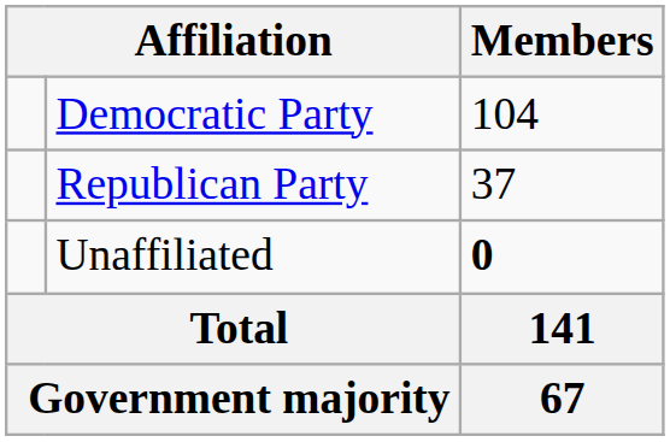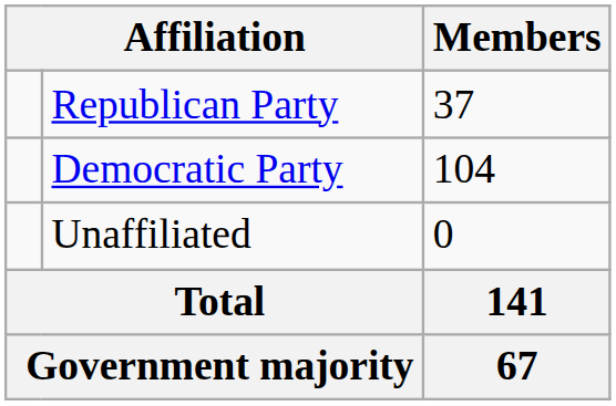 <table class="wikitable">
 <tr>
 <th colspan="2">Affiliation</th>
 <th>Members</th>
 </tr>
 <tr>
 <td style="background-color:"> </td>
+<td><a href='#'>Republican Party</a></td>
+<td>37</td>
+</tr>
+<tr>
+<td style="background-color:"> </td>
 <td><a href='#'>Democratic Party</a></td>
 <td>104</td>
 </tr>
 <tr>
-<td style="background-color:"> </td>
-<td><a href='#'>Republican Party</a></td>
-<td>37</td>
-</tr>
-<tr>
 <td></td>
 <td>Unaffiliated</td>
-<td><strong>0</strong></td>
+<td>0</td>
 </tr>
 <tr>
 <th colspan="2" rowspan="1"> Total</th>
 <th>141</th>
 </tr>
 <tr>
 <th colspan="2" rowspan="1"> Government majority</th>
 <th>67</th>
 </tr>
 </table>
